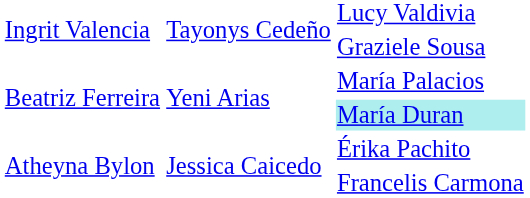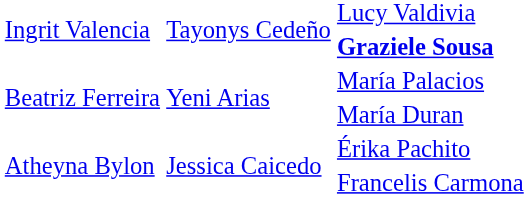 <table>
 <tr>
 <td rowspan=2></td>
 <td rowspan=2><a href='#'>Ingrit Valencia</a><br></td>
 <td rowspan=2><a href='#'>Tayonys Cedeño</a><br></td>
 <td><a href='#'>Lucy Valdivia</a><br></td>
 </tr>
 <tr>
-<td><a href='#'>Graziele Sousa</a><br></td>
+<td><strong><a href='#'>Graziele Sousa</a><br></strong></td>
 </tr>
 <tr>
 <td rowspan=2></td>
 <td rowspan=2><a href='#'>Beatriz Ferreira</a><br></td>
 <td rowspan=2><a href='#'>Yeni Arias</a><br></td>
 <td><a href='#'>María Palacios</a><br></td>
 </tr>
 <tr>
-<td style="background: paleturquoise;"><a href='#'>María Duran</a><br></td>
+<td><a href='#'>María Duran</a><br></td>
 </tr>
 <tr>
 <td rowspan=2></td>
 <td rowspan=2><a href='#'>Atheyna Bylon</a><br></td>
 <td rowspan=2><a href='#'>Jessica Caicedo</a><br></td>
 <td><a href='#'>Érika Pachito</a><br></td>
 </tr>
 <tr>
 <td><a href='#'>Francelis Carmona</a><br></td>
 </tr>
 </table>
